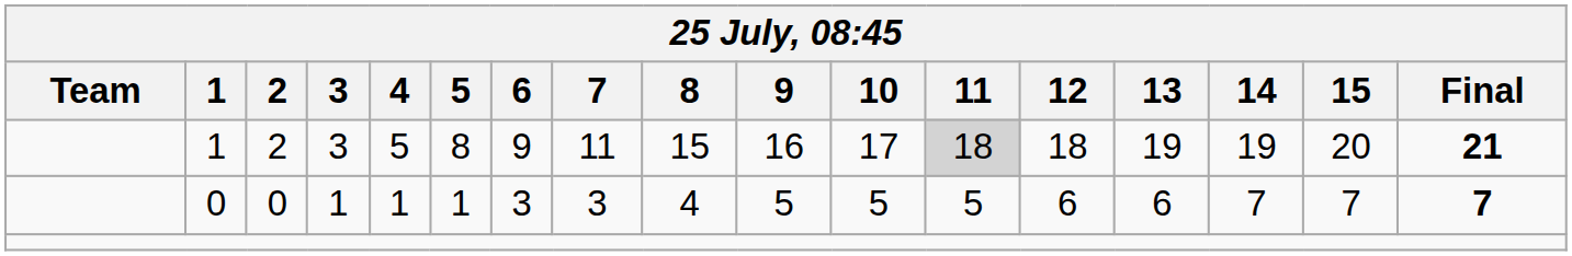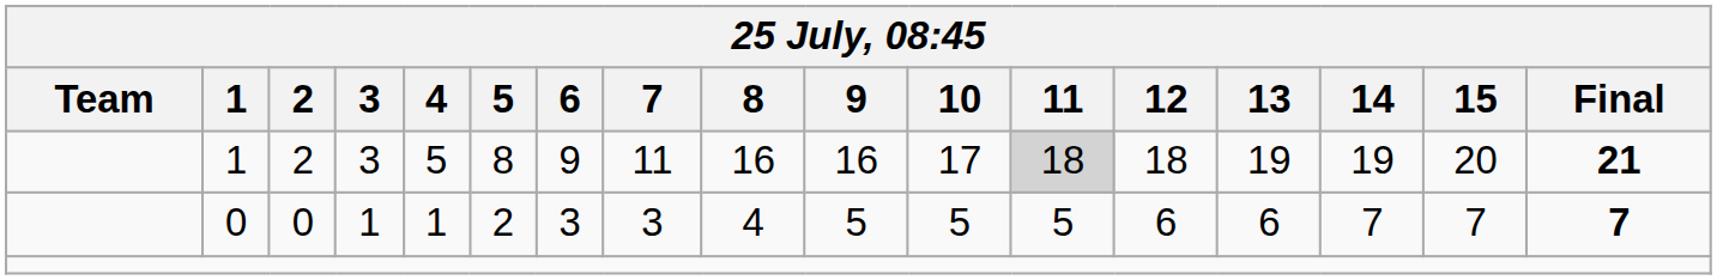 <table class=wikitable style="text-align:center; width: 55%">
 <tr>
 <th colspan=17><em>25 July, 08:45</em></th>
 </tr>
 <tr>
 <th>Team</th>
 <th>1</th>
 <th>2</th>
 <th>3</th>
 <th>4</th>
 <th>5</th>
 <th>6</th>
 <th>7</th>
 <th>8</th>
 <th>9</th>
 <th>10</th>
 <th>11</th>
 <th>12</th>
 <th>13</th>
 <th>14</th>
 <th>15</th>
 <th>Final</th>
 </tr>
 <tr>
 <td align=left><strong></strong></td>
 <td>1</td>
 <td>2</td>
 <td>3</td>
 <td>5</td>
 <td>8</td>
 <td>9</td>
 <td>11</td>
-<td>15</td>
+<td>16</td>
 <td>16</td>
 <td>17</td>
 <td style="background: lightgrey;">18</td>
 <td>18</td>
 <td>19</td>
 <td>19</td>
 <td>20</td>
 <td><strong>21</strong></td>
 </tr>
 <tr>
 <td align=left></td>
 <td>0</td>
 <td>0</td>
 <td>1</td>
 <td>1</td>
-<td>1</td>
+<td>2</td>
 <td>3</td>
 <td>3</td>
 <td>4</td>
 <td>5</td>
 <td>5</td>
 <td>5</td>
 <td>6</td>
 <td>6</td>
 <td>7</td>
 <td>7</td>
 <td><strong>7</strong></td>
 </tr>
 <tr>
 <td colspan=17></td>
 </tr>
 </table>
